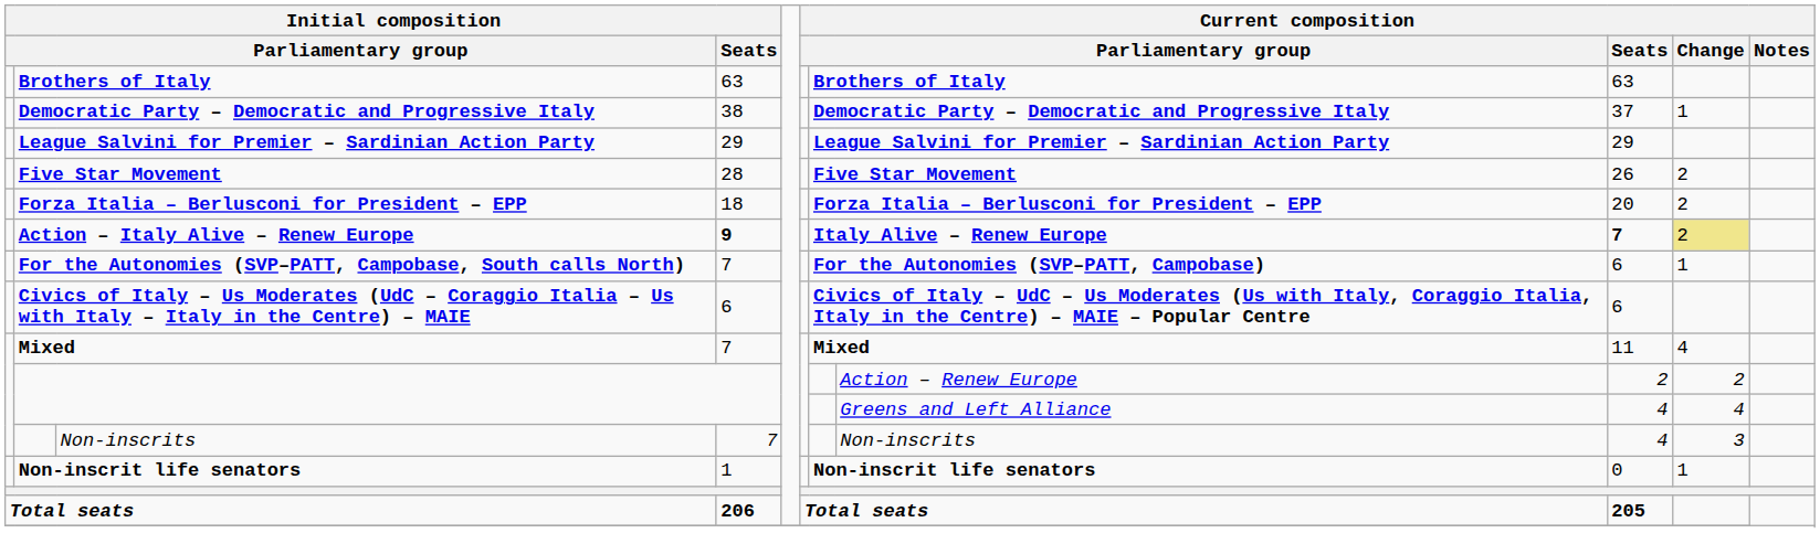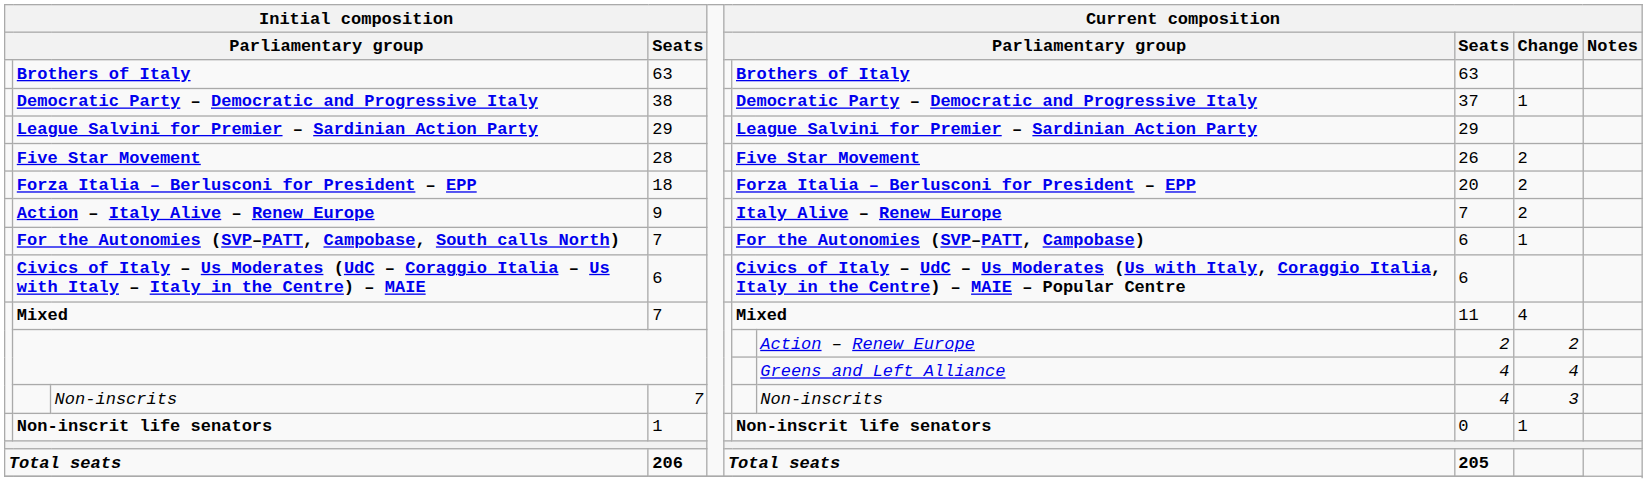 <table class="wikitable">
 <tr>
 <th colspan="4">Initial composition</th>
 <td rowspan="17" style="width : 1%;"></td>
 <th colspan="7">Current composition</th>
 </tr>
 <tr>
 <th colspan="3">Parliamentary group</th>
 <th>Seats</th>
 <th colspan="3">Parliamentary group</th>
 <th>Seats</th>
 <th>Change</th>
 <th>Notes</th>
 </tr>
 <tr>
 <td></td>
 <td colspan = "2"><strong><a href='#'>Brothers of Italy</a></strong></td>
 <td>63</td>
 <td></td>
 <td colspan = "2"><strong><a href='#'>Brothers of Italy</a></strong></td>
 <td>63</td>
 <td></td>
 <td></td>
 </tr>
 <tr>
 <td></td>
 <td colspan = "2"><strong><a href='#'>Democratic Party</a> – <a href='#'>Democratic and Progressive Italy</a></strong></td>
 <td>38</td>
 <td></td>
 <td colspan = "2"><strong><a href='#'>Democratic Party</a> – <a href='#'>Democratic and Progressive Italy</a></strong></td>
 <td>37</td>
 <td> 1</td>
 <td></td>
 </tr>
 <tr>
 <td></td>
 <td colspan = "2"><strong><a href='#'>League Salvini for Premier</a> – <a href='#'>Sardinian Action Party</a></strong></td>
 <td>29</td>
 <td></td>
 <td colspan = "2"><strong><a href='#'>League Salvini for Premier</a> – <a href='#'>Sardinian Action Party</a></strong></td>
 <td>29</td>
 <td></td>
 <td></td>
 </tr>
 <tr>
 <td></td>
 <td colspan = "2"><strong><a href='#'>Five Star Movement</a></strong></td>
 <td>28</td>
 <td></td>
 <td colspan = "2"><strong><a href='#'>Five Star Movement</a></strong></td>
 <td>26</td>
 <td> 2</td>
 <td></td>
 </tr>
 <tr>
 <td></td>
 <td colspan = "2"><strong><a href='#'>Forza Italia – Berlusconi for President</a> – <a href='#'>EPP</a></strong></td>
 <td>18</td>
 <td></td>
 <td colspan = "2"><strong><a href='#'>Forza Italia – Berlusconi for President</a> – <a href='#'>EPP</a></strong></td>
 <td>20</td>
 <td> 2</td>
 <td></td>
 </tr>
 <tr>
 <td></td>
 <td colspan = "2"><strong><a href='#'>Action</a> – <a href='#'>Italy Alive</a> – <a href='#'>Renew Europe</a></strong></td>
-<td><strong>9</strong></td>
+<td>9</td>
 <td></td>
 <td colspan = "2"><strong><a href='#'>Italy Alive</a> – <a href='#'>Renew Europe</a></strong></td>
-<td><strong>7</strong></td>
-<td style="background: khaki;"> 2</td>
+<td>7</td>
+<td> 2</td>
 <td></td>
 </tr>
 <tr>
 <td></td>
 <td colspan = "2"><strong><a href='#'>For the Autonomies</a> (<a href='#'>SVP</a>–<a href='#'>PATT</a>, <a href='#'>Campobase</a>, <a href='#'>South calls North</a>)</strong></td>
 <td>7</td>
 <td></td>
 <td colspan = "2"><strong><a href='#'>For the Autonomies</a> (<a href='#'>SVP</a>–<a href='#'>PATT</a>, <a href='#'>Campobase</a>)</strong></td>
 <td>6</td>
 <td> 1</td>
 <td></td>
 </tr>
 <tr>
 <td></td>
 <td colspan = "2"><strong><a href='#'>Civics of Italy</a> – <a href='#'>Us Moderates</a> (<a href='#'>UdC</a> – <a href='#'>Coraggio Italia</a> – <a href='#'>Us with Italy</a> – <a href='#'>Italy in the Centre</a>) – <a href='#'>MAIE</a></strong></td>
 <td>6</td>
 <td></td>
 <td colspan = "2"><strong><a href='#'>Civics of Italy</a> – <a href='#'>UdC</a> – <a href='#'>Us Moderates</a> (<a href='#'>Us with Italy</a>, <a href='#'>Coraggio Italia</a>, <a href='#'>Italy in the Centre</a>) – <a href='#'>MAIE</a> – Popular Centre</strong></td>
 <td>6</td>
 <td></td>
 <td></td>
 </tr>
 <tr>
 <td rowspan=4></td>
 <td colspan = "2"><strong>Mixed</strong></td>
 <td>7</td>
 <td rowspan=4></td>
 <td colspan = "2"><strong>Mixed</strong></td>
 <td>11</td>
 <td> 4</td>
 <td></td>
 </tr>
 <tr>
 <td rowspan="2" colspan="3"></td>
 <td></td>
 <td><em><a href='#'>Action</a>  – <a href='#'>Renew Europe</a></em></td>
 <td align="right"><em>2</em></td>
 <td align="right"> <em>2</em></td>
 <td></td>
 </tr>
 <tr>
 <td></td>
 <td><em><a href='#'>Greens and Left Alliance</a></em></td>
 <td align="right"><em>4</em></td>
 <td align="right"> <em>4</em></td>
 <td></td>
 </tr>
 <tr>
 <td></td>
 <td><em>Non-inscrits</em></td>
 <td align="right"><em>7</em></td>
 <td></td>
 <td><em>Non-inscrits</em></td>
 <td align="right"><em>4</em></td>
 <td align="right"> <em>3</em></td>
 <td></td>
 </tr>
 <tr>
 <td></td>
 <td colspan = "2"><strong>Non-inscrit life senators</strong></td>
 <td>1</td>
 <td></td>
 <td colspan = "2"><strong>Non-inscrit life senators</strong></td>
 <td>0</td>
 <td> 1</td>
 <td></td>
 </tr>
 <tr>
 <th colspan="4"></th>
 <th colspan="6"></th>
 </tr>
 <tr>
 <td colspan="3"><strong><em>Total seats</em></strong></td>
 <td><strong>206</strong></td>
 <td colspan="3"><strong><em>Total seats</em></strong></td>
 <td><strong>205</strong></td>
 <td></td>
 </tr>
 <tr>
 </tr>
 </table>
